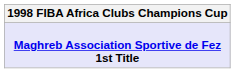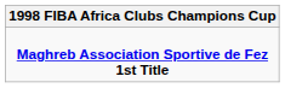 <table class=wikitable style="text-align:center; margin:auto">
 <tr>
 <th>1998 FIBA Africa Clubs Champions Cup</th>
 </tr>
 <tr>
-<td style="background: lavender;"><br><strong><a href='#'>Maghreb Association Sportive de Fez</a></strong><br><strong>1st Title</strong></td>
+<td><br><strong><a href='#'>Maghreb Association Sportive de Fez</a></strong><br><strong>1st Title</strong></td>
 </tr>
 </table>
